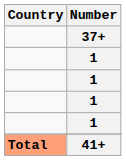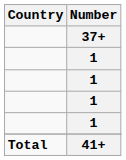 <table class="wikitable centre sortable">
 <tr>
 <th>Country</th>
 <th>Number</th>
 </tr>
 <tr>
 <td></td>
 <th>37+</th>
 </tr>
 <tr>
 <td></td>
 <th>1</th>
 </tr>
 <tr>
 <td></td>
 <th>1</th>
 </tr>
 <tr>
 <td></td>
 <th>1</th>
 </tr>
 <tr>
 <td></td>
 <th>1</th>
 </tr>
 <tr>
 </tr>
 <tr class="sortbottom">
-<td style="background: lightsalmon;"><strong>Total</strong></td>
+<td><strong>Total</strong></td>
 <th>41+</th>
 </tr>
 </table>
